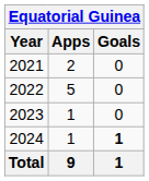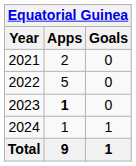 <table class="wikitable" style="text-align:center">
 <tr>
 <th colspan=3><a href='#'>Equatorial Guinea</a></th>
 </tr>
 <tr>
 <th>Year</th>
 <th>Apps</th>
 <th>Goals</th>
 </tr>
 <tr>
 <td>2021</td>
 <td>2</td>
 <td>0</td>
 </tr>
 <tr>
 <td>2022</td>
 <td>5</td>
 <td>0</td>
 </tr>
 <tr>
 <td>2023</td>
-<td>1</td>
+<td><strong>1</strong></td>
 <td>0</td>
 </tr>
 <tr>
 <td>2024</td>
 <td>1</td>
-<td><strong>1</strong></td>
+<td>1</td>
 </tr>
 <tr>
 <th>Total</th>
 <th>9</th>
 <th>1</th>
 </tr>
 </table>
